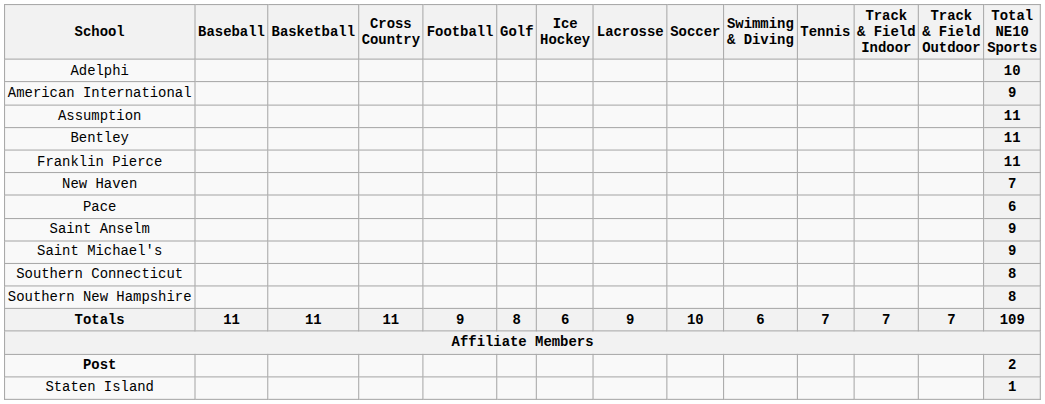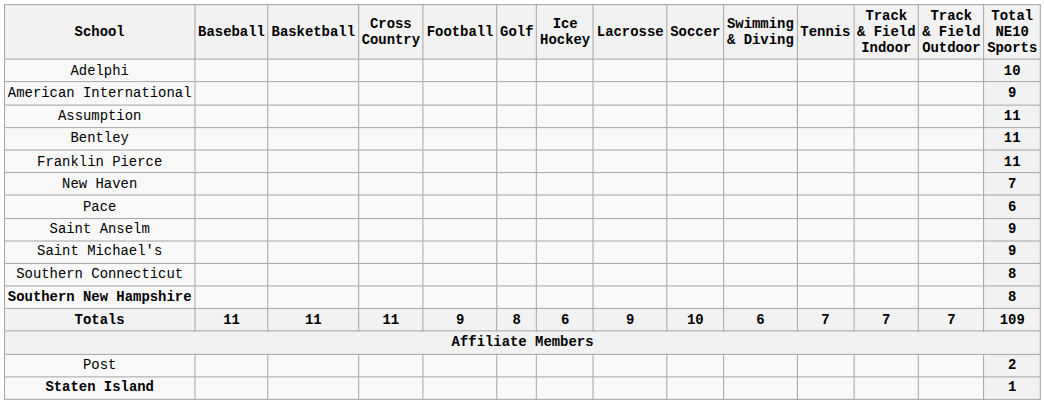 <table class="wikitable" style="text-align:center">
 <tr>
 <th>School</th>
 <th>Baseball</th>
 <th>Basketball</th>
 <th>Cross<br>Country</th>
 <th>Football</th>
 <th>Golf</th>
 <th>Ice<br>Hockey</th>
 <th>Lacrosse</th>
 <th>Soccer</th>
 <th>Swimming<br>& Diving</th>
 <th>Tennis</th>
 <th nowrap>Track<br>& Field<br>Indoor</th>
 <th>Track<br>& Field<br>Outdoor</th>
 <th>Total<br>NE10<br>Sports</th>
 </tr>
 <tr>
 <td>Adelphi</td>
 <td></td>
 <td></td>
 <td></td>
 <td></td>
 <td></td>
 <td></td>
 <td></td>
 <td></td>
 <td></td>
 <td></td>
 <td></td>
 <td></td>
 <th>10</th>
 </tr>
 <tr>
 <td>American International</td>
 <td></td>
 <td></td>
 <td></td>
 <td></td>
 <td></td>
 <td> </td>
 <td></td>
 <td></td>
 <td></td>
 <td></td>
 <td></td>
 <td></td>
 <th>9</th>
 </tr>
 <tr>
 <td>Assumption</td>
 <td></td>
 <td></td>
 <td></td>
 <td></td>
 <td></td>
 <td></td>
 <td></td>
 <td></td>
 <td></td>
 <td></td>
 <td></td>
 <td></td>
 <th>11</th>
 </tr>
 <tr>
 <td>Bentley</td>
 <td></td>
 <td></td>
 <td></td>
 <td></td>
 <td></td>
 <td></td>
 <td></td>
 <td></td>
 <td></td>
 <td></td>
 <td></td>
 <td></td>
 <th>11</th>
 </tr>
 <tr>
 <td>Franklin Pierce</td>
 <td></td>
 <td></td>
 <td></td>
 <td></td>
 <td></td>
 <td></td>
 <td></td>
 <td></td>
 <td></td>
 <td></td>
 <td></td>
 <td></td>
 <th>11</th>
 </tr>
 <tr>
 <td>New Haven</td>
 <td></td>
 <td></td>
 <td></td>
 <td></td>
 <td></td>
 <td></td>
 <td></td>
 <td></td>
 <td></td>
 <td></td>
 <td></td>
 <td></td>
 <th>7</th>
 </tr>
 <tr>
 <td>Pace</td>
 <td></td>
 <td></td>
 <td></td>
 <td></td>
 <td></td>
 <td></td>
 <td></td>
 <td></td>
 <td></td>
 <td></td>
 <td></td>
 <td></td>
 <th>6</th>
 </tr>
 <tr>
 <td>Saint Anselm</td>
 <td></td>
 <td></td>
 <td></td>
 <td></td>
 <td></td>
 <td></td>
 <td></td>
 <td></td>
 <td></td>
 <td></td>
 <td></td>
 <td></td>
 <th>9</th>
 </tr>
 <tr>
 <td>Saint Michael's</td>
 <td></td>
 <td></td>
 <td></td>
 <td></td>
 <td></td>
 <td></td>
 <td></td>
 <td></td>
 <td></td>
 <td></td>
 <td></td>
 <td></td>
 <th>9</th>
 </tr>
 <tr>
 <td>Southern Connecticut</td>
 <td></td>
 <td></td>
 <td></td>
 <td></td>
 <td></td>
 <td></td>
 <td></td>
 <td></td>
 <td></td>
 <td></td>
 <td></td>
 <td></td>
 <th>8</th>
 </tr>
 <tr>
-<td>Southern New Hampshire</td>
+<td><strong>Southern New Hampshire</strong></td>
 <td></td>
 <td></td>
 <td></td>
 <td></td>
 <td></td>
 <td></td>
 <td></td>
 <td></td>
 <td></td>
 <td></td>
 <td></td>
 <td></td>
 <th>8</th>
 </tr>
 <tr>
 <th>Totals</th>
 <th>11</th>
 <th>11</th>
 <th>11</th>
 <th>9</th>
 <th>8</th>
 <th>6</th>
 <th>9</th>
 <th>10</th>
 <th>6</th>
 <th>7</th>
 <th>7</th>
 <th>7</th>
 <th>109</th>
 </tr>
 <tr>
 <th colspan="14">Affiliate Members</th>
 </tr>
 <tr>
-<td><strong>Post</strong></td>
+<td>Post</td>
 <td></td>
 <td></td>
 <td></td>
 <td></td>
 <td></td>
 <td></td>
 <td></td>
 <td></td>
 <td></td>
 <td></td>
 <td></td>
 <td></td>
 <th>2</th>
 </tr>
 <tr>
-<td>Staten Island</td>
+<td><strong>Staten Island</strong></td>
 <td></td>
 <td></td>
 <td></td>
 <td></td>
 <td></td>
 <td></td>
 <td></td>
 <td></td>
 <td></td>
 <td></td>
 <td></td>
 <td></td>
 <th>1</th>
 </tr>
 </table>
